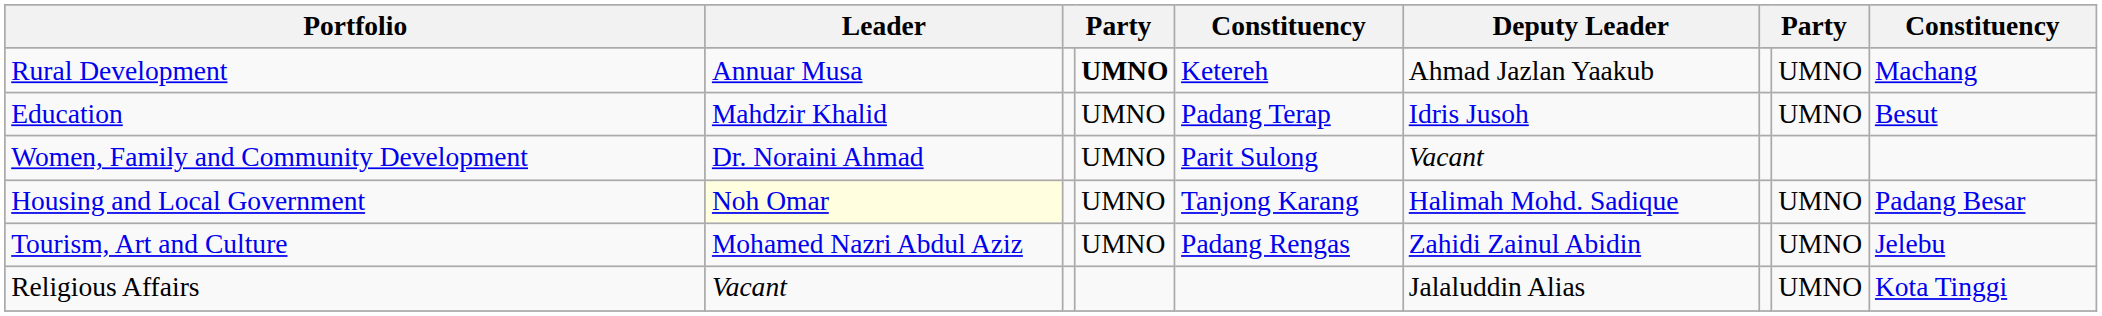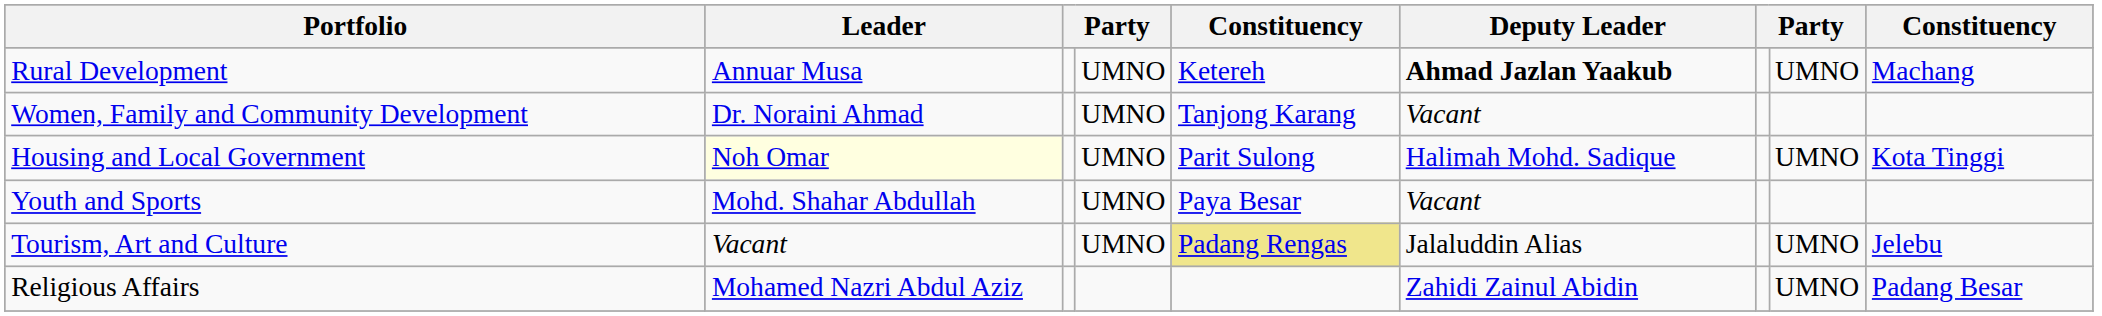 <table class="wikitable">
 <tr>
 <th width=400px>Portfolio</th>
 <th width=200px>Leader</th>
 <th colspan="2">Party</th>
 <th width=125px>Constituency</th>
 <th width=200px>Deputy Leader</th>
 <th colspan="2">Party</th>
 <th width=125px>Constituency</th>
 </tr>
 <tr>
 <td><a href='#'>Rural Development</a></td>
 <td><a href='#'>Annuar Musa</a></td>
 <td></td>
-<td><strong>UMNO</strong></td>
+<td>UMNO</td>
 <td><a href='#'>Ketereh</a></td>
-<td>Ahmad Jazlan Yaakub</td>
+<td><strong>Ahmad Jazlan Yaakub</strong></td>
 <td></td>
 <td>UMNO</td>
 <td><a href='#'>Machang</a></td>
-</tr>
-<tr>
-<td><a href='#'>Education</a></td>
-<td><a href='#'>Mahdzir Khalid</a></td>
-<td></td>
-<td>UMNO</td>
-<td><a href='#'>Padang Terap</a></td>
-<td><a href='#'>Idris Jusoh</a></td>
-<td></td>
-<td>UMNO</td>
-<td><a href='#'>Besut</a></td>
 </tr>
 <tr>
 <td><a href='#'>Women, Family and Community Development</a></td>
 <td><a href='#'>Dr. Noraini Ahmad</a></td>
 <td></td>
 <td>UMNO</td>
-<td><a href='#'>Parit Sulong</a></td>
+<td><a href='#'>Tanjong Karang</a></td>
 <td><em>Vacant</em></td>
 <td></td>
 <td></td>
 <td></td>
 </tr>
 <tr>
 <td><a href='#'>Housing and Local Government</a></td>
 <td style="background: lightyellow;"><a href='#'>Noh Omar</a></td>
 <td></td>
 <td>UMNO</td>
-<td><a href='#'>Tanjong Karang</a></td>
+<td><a href='#'>Parit Sulong</a></td>
 <td><a href='#'>Halimah Mohd. Sadique</a></td>
 <td></td>
 <td>UMNO</td>
-<td><a href='#'>Padang Besar</a></td>
+<td><a href='#'>Kota Tinggi</a></td>
+</tr>
+<tr>
+<td><a href='#'>Youth and Sports</a></td>
+<td><a href='#'>Mohd. Shahar Abdullah</a></td>
+<td></td>
+<td>UMNO</td>
+<td><a href='#'>Paya Besar</a></td>
+<td><em>Vacant</em></td>
+<td></td>
+<td></td>
+<td></td>
 </tr>
 <tr>
 <td><a href='#'>Tourism, Art and Culture</a></td>
-<td><a href='#'>Mohamed Nazri Abdul Aziz</a></td>
+<td><em>Vacant</em></td>
 <td></td>
 <td>UMNO</td>
-<td><a href='#'>Padang Rengas</a></td>
-<td><a href='#'>Zahidi Zainul Abidin</a></td>
+<td style="background: khaki;"><a href='#'>Padang Rengas</a></td>
+<td>Jalaluddin Alias</td>
 <td></td>
 <td>UMNO</td>
 <td><a href='#'>Jelebu</a></td>
 </tr>
 <tr>
 <td>Religious Affairs</td>
-<td><em>Vacant</em></td>
+<td><a href='#'>Mohamed Nazri Abdul Aziz</a></td>
 <td></td>
 <td></td>
 <td></td>
-<td>Jalaluddin Alias</td>
+<td><a href='#'>Zahidi Zainul Abidin</a></td>
 <td></td>
 <td>UMNO</td>
-<td><a href='#'>Kota Tinggi</a></td>
+<td><a href='#'>Padang Besar</a></td>
 </tr>
 </table>
